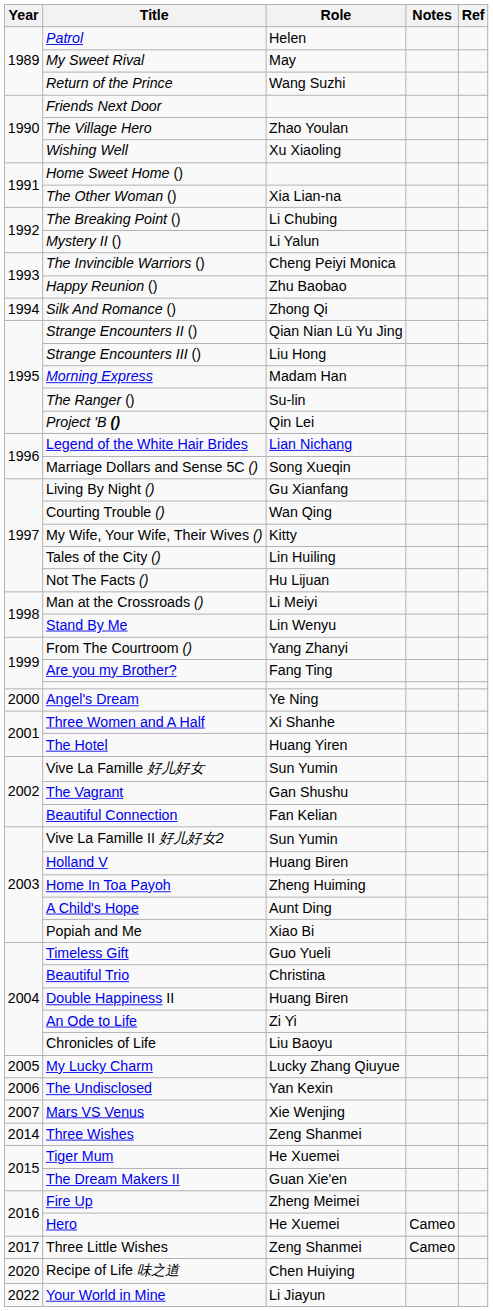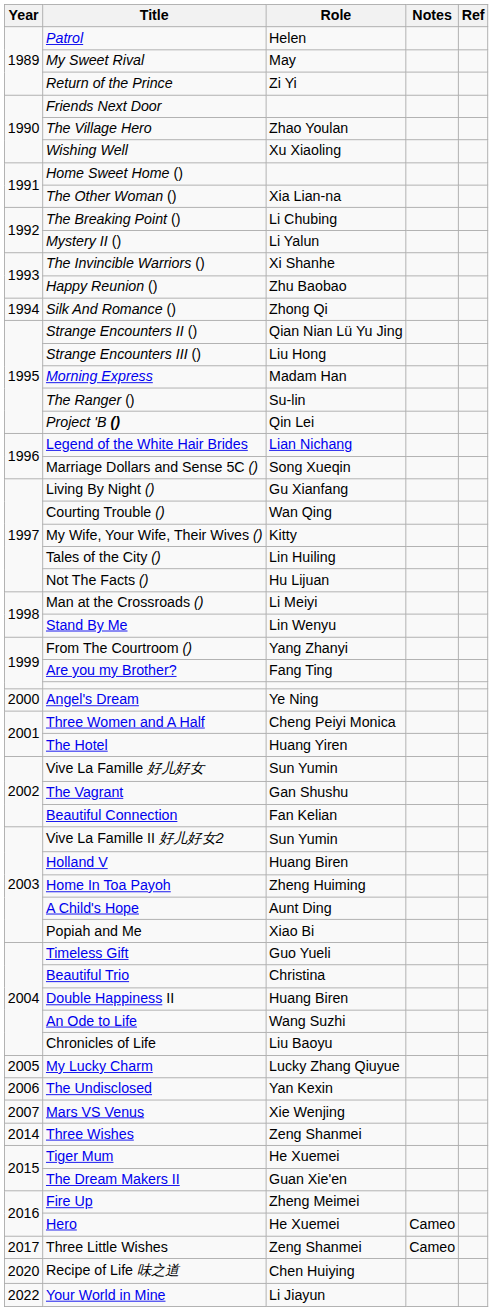 <table class="wikitable sortable">
 <tr>
 <th>Year</th>
 <th>Title</th>
 <th>Role</th>
 <th class="unsortable">Notes</th>
 <th class="unsortable">Ref</th>
 </tr>
 <tr>
 <td rowspan="3">1989</td>
 <td><a href='#'><em>Patrol</em></a></td>
 <td>Helen</td>
 <td></td>
 <td></td>
 </tr>
 <tr>
 <td><em>My Sweet Rival</em> </td>
 <td>May</td>
 <td></td>
 <td></td>
 </tr>
 <tr>
 <td><em>Return of the Prince</em> </td>
-<td>Wang Suzhi</td>
+<td>Zi Yi</td>
 <td></td>
 <td></td>
 </tr>
 <tr>
 <td rowspan="3">1990</td>
 <td><em>Friends Next Door</em> </td>
 <td></td>
 <td></td>
 <td></td>
 </tr>
 <tr>
 <td><em>The Village Hero</em> </td>
 <td>Zhao Youlan</td>
 <td></td>
 <td></td>
 </tr>
 <tr>
 <td><em>Wishing Well</em> </td>
 <td>Xu Xiaoling</td>
 <td></td>
 <td></td>
 </tr>
 <tr>
 <td rowspan="2">1991</td>
 <td><em>Home Sweet Home</em> ()</td>
 <td></td>
 <td></td>
 <td></td>
 </tr>
 <tr>
 <td><em>The Other Woman</em> ()</td>
 <td>Xia Lian-na</td>
 <td></td>
 <td></td>
 </tr>
 <tr>
 <td rowspan="2">1992</td>
 <td><em>The Breaking Point</em> ()</td>
 <td>Li Chubing</td>
 <td></td>
 <td></td>
 </tr>
 <tr>
 <td><em>Mystery II</em> ()</td>
 <td>Li Yalun</td>
 <td></td>
 <td></td>
 </tr>
 <tr>
 <td rowspan="2">1993</td>
 <td><em>The Invincible Warriors</em> ()</td>
-<td>Cheng Peiyi Monica</td>
+<td>Xi Shanhe</td>
 <td></td>
 <td></td>
 </tr>
 <tr>
 <td><em>Happy Reunion</em> ()</td>
 <td>Zhu Baobao</td>
 <td></td>
 <td></td>
 </tr>
 <tr>
 <td rowspan="1">1994</td>
 <td><em>Silk And Romance</em> ()</td>
 <td>Zhong Qi</td>
 <td></td>
 <td></td>
 </tr>
 <tr>
 <td rowspan="5">1995</td>
 <td><em>Strange Encounters II</em> ()</td>
 <td>Qian Nian Lü Yu Jing</td>
 <td></td>
 <td></td>
 </tr>
 <tr>
 <td><em>Strange Encounters III</em> ()</td>
 <td>Liu Hong</td>
 <td></td>
 <td></td>
 </tr>
 <tr>
 <td><a href='#'><em>Morning Express</em></a></td>
 <td>Madam Han</td>
 <td></td>
 <td></td>
 </tr>
 <tr>
 <td><em>The Ranger</em> ()</td>
 <td>Su-lin</td>
 <td></td>
 <td></td>
 </tr>
 <tr>
 <td><em>Project 'B<strong> ()</td>
 <td>Qin Lei</td>
 <td></td>
 <td></td>
 </tr>
 <tr>
 <td rowspan="2">1996</td>
 <td></em><a href='#'>Legend of the White Hair Brides</a><em></td>
 <td><a href='#'>Lian Nichang</a></td>
 <td></td>
 <td></td>
 </tr>
 <tr>
 <td></em>Marriage Dollars and Sense 5C<em> ()</td>
 <td>Song Xueqin</td>
 <td></td>
 <td></td>
 </tr>
 <tr>
 <td rowspan="5">1997</td>
 <td></em>Living By Night<em> ()</td>
 <td>Gu Xianfang</td>
 <td></td>
 <td></td>
 </tr>
 <tr>
 <td></em>Courting Trouble<em> ()</td>
 <td>Wan Qing</td>
 <td></td>
 <td></td>
 </tr>
 <tr>
 <td></em>My Wife, Your Wife, Their Wives<em> ()</td>
 <td>Kitty</td>
 <td></td>
 <td></td>
 </tr>
 <tr>
 <td></em>Tales of the City<em> ()</td>
 <td>Lin Huiling</td>
 <td></td>
 <td></td>
 </tr>
 <tr>
 <td></em>Not The Facts<em> ()</td>
 <td>Hu Lijuan</td>
 <td></td>
 <td></td>
 </tr>
 <tr>
 <td rowspan="2">1998</td>
 <td></em>Man at the Crossroads<em> ()</td>
 <td>Li Meiyi</td>
 <td></td>
 <td></td>
 </tr>
 <tr>
 <td><a href='#'></em>Stand By Me<em></a></td>
 <td>Lin Wenyu</td>
 <td></td>
 <td></td>
 </tr>
 <tr>
 <td rowspan="3">1999</td>
 <td></em>From The Courtroom<em> ()</td>
 <td>Yang Zhanyi</td>
 <td></td>
 <td></td>
 </tr>
 <tr>
 <td><a href='#'></em>Are you my Brother?<em></a></td>
 <td>Fang Ting</td>
 <td></td>
 <td></td>
 </tr>
 <tr>
 <td></td>
 <td></td>
 <td></td>
 <td></td>
 </tr>
 <tr>
 <td rowspan="1">2000</td>
 <td></em><a href='#'>Angel's Dream</a><em></td>
 <td>Ye Ning</td>
 <td></td>
 <td></td>
 </tr>
 <tr>
 <td rowspan="2">2001</td>
 <td></em><a href='#'>Three Women and A Half</a><em></td>
-<td>Xi Shanhe</td>
+<td>Cheng Peiyi Monica</td>
 <td></td>
 <td></td>
 </tr>
 <tr>
 <td><a href='#'></em>The Hotel<em></a></td>
 <td>Huang Yiren</td>
 <td></td>
 <td></td>
 </tr>
 <tr>
 <td rowspan="3">2002</td>
 <td></em>Vive La Famille<em> 好儿好女</td>
 <td>Sun Yumin</td>
 <td></td>
 <td></td>
 </tr>
 <tr>
 <td><a href='#'></em>The Vagrant<em></a></td>
 <td>Gan Shushu</td>
 <td></td>
 <td></td>
 </tr>
 <tr>
 <td></em><a href='#'>Beautiful Connection</a><em></td>
 <td>Fan Kelian</td>
 <td></td>
 <td></td>
 </tr>
 <tr>
 <td rowspan="5">2003</td>
 <td></em>Vive La Famille II<em> 好儿好女2</td>
 <td>Sun Yumin</td>
 <td></td>
 <td></td>
 </tr>
 <tr>
 <td><a href='#'></em>Holland V<em></a></td>
 <td>Huang Biren</td>
 <td></td>
 <td></td>
 </tr>
 <tr>
 <td></em><a href='#'>Home In Toa Payoh</a><em></td>
 <td>Zheng Huiming</td>
 <td></td>
 <td></td>
 </tr>
 <tr>
 <td></em><a href='#'>A Child's Hope</a><em></td>
 <td>Aunt Ding</td>
 <td></td>
 <td></td>
 </tr>
 <tr>
 <td></em>Popiah and Me<em></td>
 <td>Xiao Bi</td>
 <td></td>
 <td></td>
 </tr>
 <tr>
 <td rowspan="5">2004</td>
 <td></em><a href='#'>Timeless Gift</a><em></td>
 <td>Guo Yueli</td>
 <td></td>
 <td></td>
 </tr>
 <tr>
 <td></em><a href='#'>Beautiful Trio</a><em></td>
 <td>Christina</td>
 <td></td>
 <td></td>
 </tr>
 <tr>
 <td><a href='#'></em>Double Happiness<em></a></em> II<em></td>
 <td>Huang Biren</td>
 <td></td>
 <td></td>
 </tr>
 <tr>
 <td></em><a href='#'>An Ode to Life</a><em></td>
-<td>Zi Yi</td>
+<td>Wang Suzhi</td>
 <td></td>
 <td></td>
 </tr>
 <tr>
 <td></em>Chronicles of Life<em> </td>
 <td>Liu Baoyu</td>
 <td></td>
 <td></td>
 </tr>
 <tr>
 <td rowspan="1">2005</td>
 <td></em><a href='#'>My Lucky Charm</a><em></td>
 <td>Lucky Zhang Qiuyue</td>
 <td></td>
 <td></td>
 </tr>
 <tr>
 <td rowspan="1">2006</td>
 <td></em><a href='#'>The Undisclosed</a><em></td>
 <td>Yan Kexin</td>
 <td></td>
 <td></td>
 </tr>
 <tr>
 <td rowspan="1">2007</td>
 <td><a href='#'></em>Mars VS Venus<em></a></td>
 <td>Xie Wenjing</td>
 <td></td>
 <td></td>
 </tr>
 <tr>
 <td rowspan="1">2014</td>
 <td><a href='#'></em>Three Wishes<em></a></td>
 <td>Zeng Shanmei</td>
 <td></td>
 <td></td>
 </tr>
 <tr>
 <td rowspan="2">2015</td>
 <td></em><a href='#'>Tiger Mum</a><em></td>
 <td>He Xuemei</td>
 <td></td>
 <td></td>
 </tr>
 <tr>
 <td></em><a href='#'>The Dream Makers II</a><em></td>
 <td>Guan Xie'en</td>
 <td></td>
 <td></td>
 </tr>
 <tr>
 <td rowspan="2">2016</td>
 <td></em><a href='#'>Fire Up</a><em></td>
 <td>Zheng Meimei</td>
 <td></td>
 <td></td>
 </tr>
 <tr>
 <td></em><a href='#'>Hero</a><em></td>
 <td>He Xuemei</td>
 <td>Cameo</td>
 <td></td>
 </tr>
 <tr>
 <td>2017</td>
 <td></em>Three Little Wishes<em></td>
 <td>Zeng Shanmei</td>
 <td>Cameo</td>
 <td></td>
 </tr>
 <tr>
 <td>2020</td>
 <td></em>Recipe of Life<em> 味之道</td>
 <td>Chen Huiying</td>
 <td></td>
 <td></td>
 </tr>
 <tr>
 <td>2022</td>
 <td></em><a href='#'>Your World in Mine</a><em></td>
 <td>Li Jiayun</td>
 <td></td>
 <td></td>
 </tr>
 </table>
